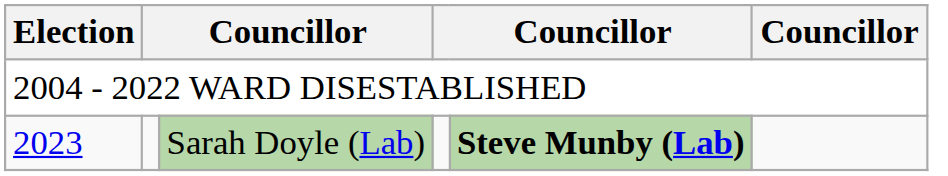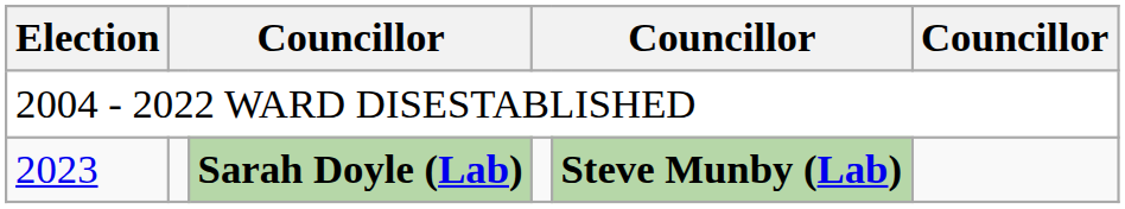 <table class="wikitable">
 <tr>
 <th>Election</th>
 <th colspan="2">Councillor</th>
 <th colspan="2">Councillor</th>
 <th colspan="2">Councillor</th>
 </tr>
 <tr>
 <td colspan="8" bgcolor="#FFF"><div>2004 - 2022 WARD DISESTABLISHED</div></td>
 </tr>
 <tr>
 <td><a href='#'>2023</a></td>
 <td style="background-color: "></td>
-<td bgcolor="#B6D7A8">Sarah Doyle (<a href='#'>Lab</a>)</td>
+<td bgcolor="#B6D7A8"><strong>Sarah Doyle (<a href='#'>Lab</a>)</strong></td>
 <td style="background-color: "></td>
 <td bgcolor="#B6D7A8"><strong>Steve Munby (<a href='#'>Lab</a>)</strong></td>
 </tr>
 </table>
